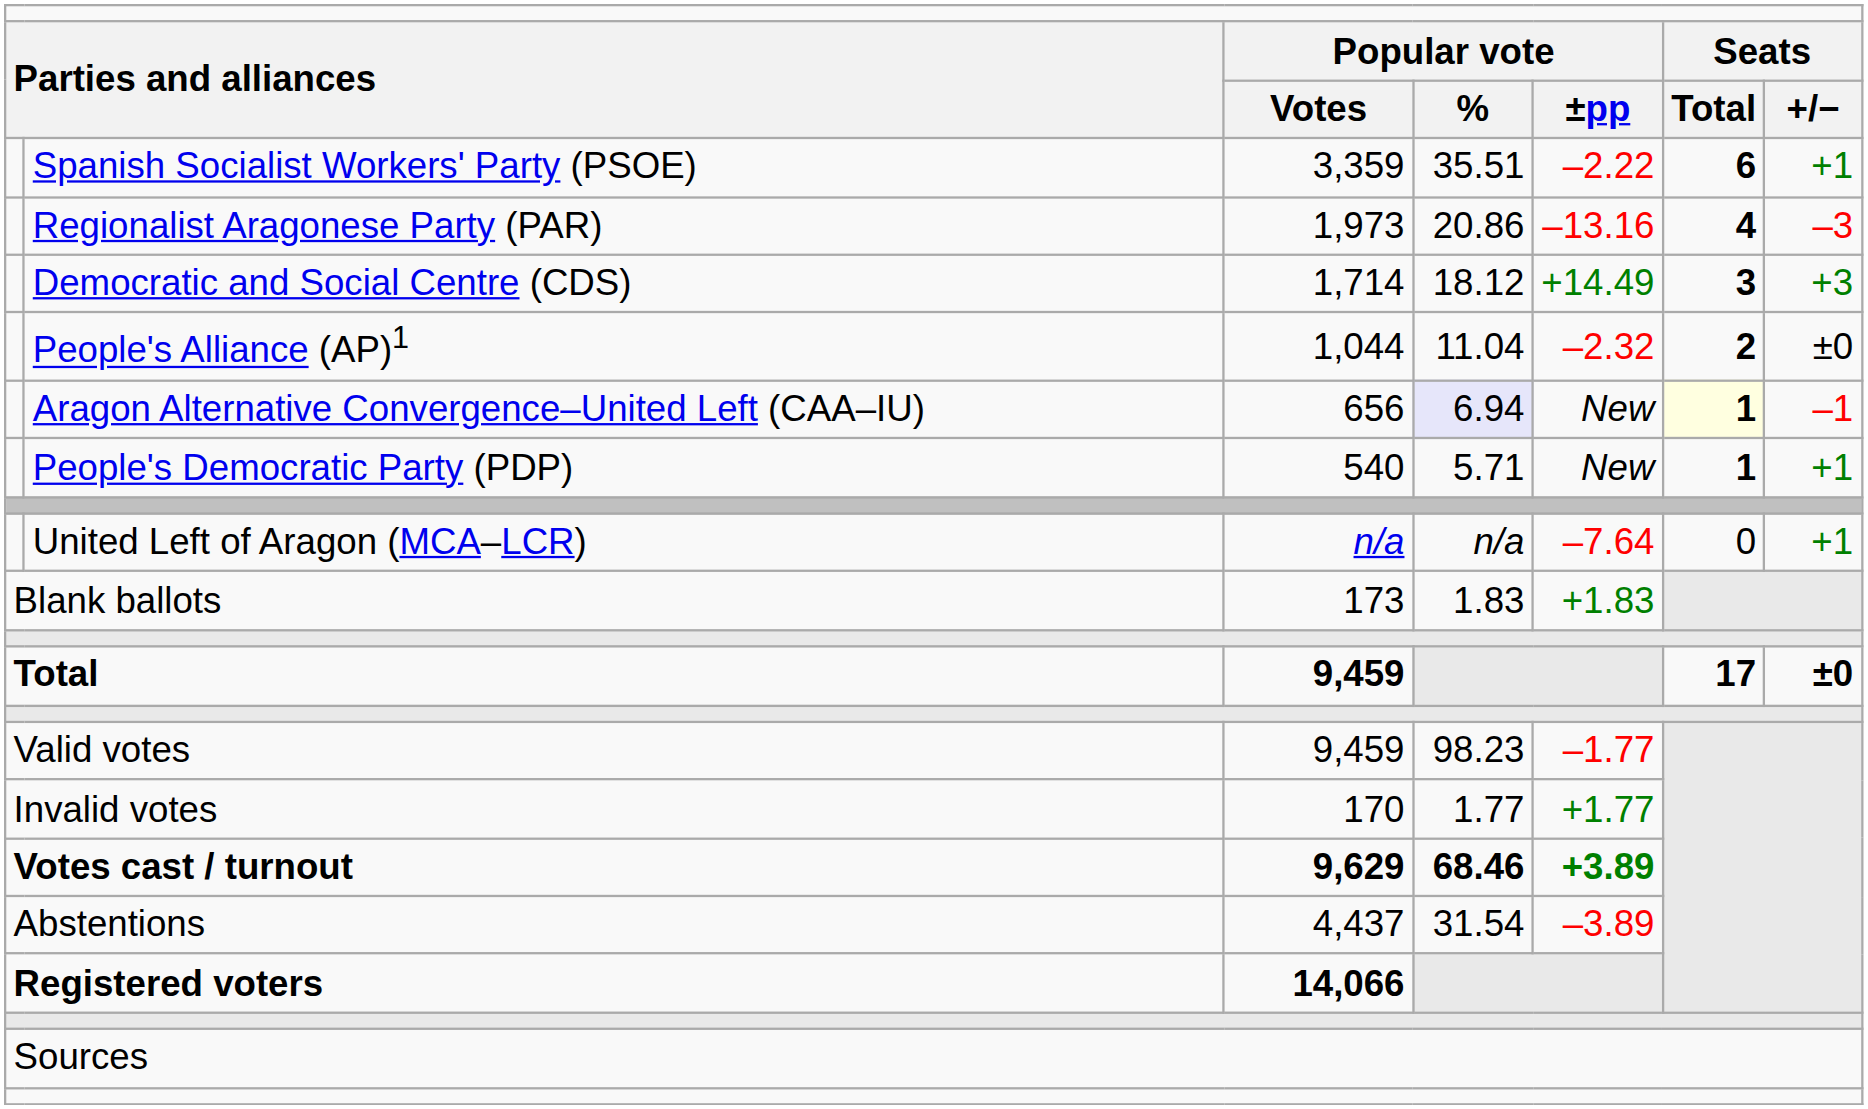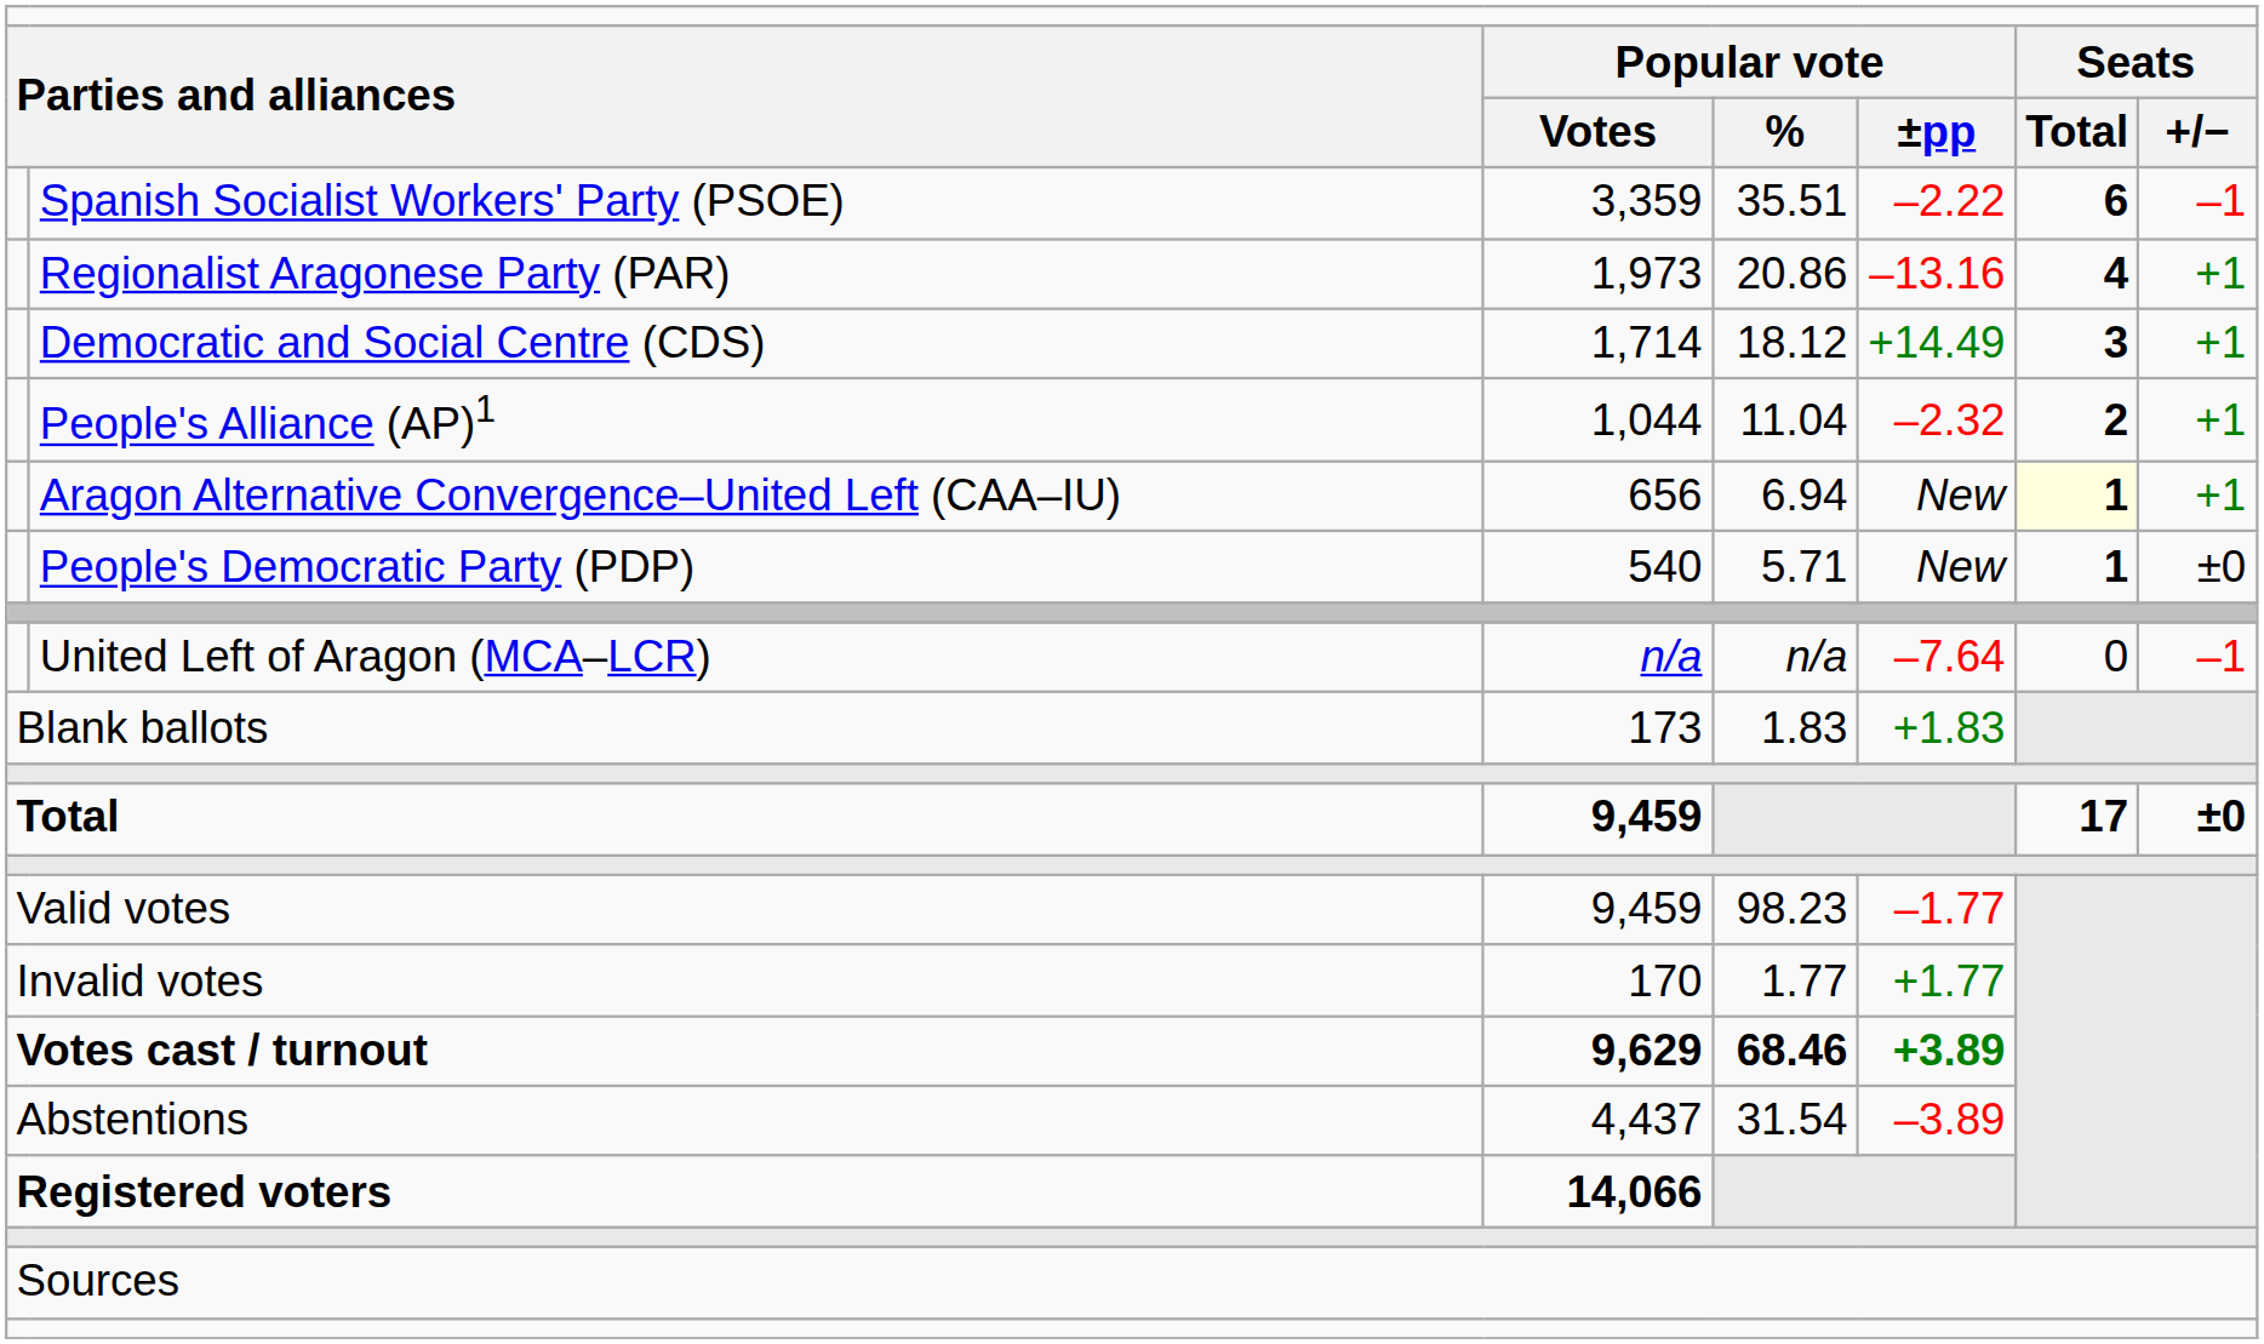 <table class="wikitable" style="text-align:right;">
 <tr>
 <td colspan="7"></td>
 </tr>
 <tr>
 <th style="text-align:left;" rowspan="2" colspan="2" width="525">Parties and alliances</th>
 <th colspan="3">Popular vote</th>
 <th colspan="2">Seats</th>
 </tr>
 <tr>
 <th width="75">Votes</th>
 <th width="45">%</th>
 <th width="45">±<a href='#'>pp</a></th>
 <th width="35">Total</th>
 <th width="35">+/−</th>
 </tr>
 <tr>
 <td width="1" style="color:inherit;background:"></td>
 <td align="left"><a href='#'>Spanish Socialist Workers' Party</a> (PSOE)</td>
 <td>3,359</td>
 <td>35.51</td>
 <td style="color:red;">–2.22</td>
 <td><strong>6</strong></td>
-<td style="color:green;">+1</td>
+<td style="color:red;">–1</td>
 </tr>
 <tr>
 <td style="color:inherit;background:"></td>
 <td align="left"><a href='#'>Regionalist Aragonese Party</a> (PAR)</td>
 <td>1,973</td>
 <td>20.86</td>
 <td style="color:red;">–13.16</td>
 <td><strong>4</strong></td>
-<td style="color:red;">–3</td>
+<td style="color:green;">+1</td>
 </tr>
 <tr>
 <td style="color:inherit;background:"></td>
 <td align="left"><a href='#'>Democratic and Social Centre</a> (CDS)</td>
 <td>1,714</td>
 <td>18.12</td>
 <td style="color:green;">+14.49</td>
 <td><strong>3</strong></td>
-<td style="color:green;">+3</td>
+<td style="color:green;">+1</td>
 </tr>
 <tr>
 <td style="color:inherit;background:"></td>
 <td align="left"><a href='#'>People's Alliance</a> (AP)<sup>1</sup></td>
 <td>1,044</td>
 <td>11.04</td>
 <td style="color:red;">–2.32</td>
 <td><strong>2</strong></td>
-<td>±0</td>
+<td style="color:green;">+1</td>
 </tr>
 <tr>
 <td style="color:inherit;background:"></td>
 <td align="left"><a href='#'>Aragon Alternative Convergence–United Left</a> (CAA–IU)</td>
 <td>656</td>
-<td style="background: lavender;">6.94</td>
+<td>6.94</td>
 <td><em>New</em></td>
 <td style="background: lightyellow;"><strong>1</strong></td>
-<td style="color:red;">–1</td>
+<td style="color:green;">+1</td>
 </tr>
 <tr>
 <td style="color:inherit;background:"></td>
 <td align="left"><a href='#'>People's Democratic Party</a> (PDP)</td>
 <td>540</td>
 <td>5.71</td>
 <td><em>New</em></td>
 <td><strong>1</strong></td>
-<td style="color:green;">+1</td>
+<td>±0</td>
 </tr>
 <tr>
 <td colspan="7" bgcolor="#C0C0C0"></td>
 </tr>
 <tr>
 <td style="color:inherit;background:"></td>
 <td align="left">United Left of Aragon (<a href='#'>MCA</a>–<a href='#'>LCR</a>)</td>
 <td><em><a href='#'>n/a</a></em></td>
 <td><em>n/a</em></td>
 <td style="color:red;">–7.64</td>
 <td>0</td>
-<td style="color:green;">+1</td>
+<td style="color:red;">–1</td>
 </tr>
 <tr>
 <td align="left" colspan="2">Blank ballots</td>
 <td>173</td>
 <td>1.83</td>
 <td style="color:green;">+1.83</td>
 <td bgcolor="#E9E9E9" colspan="2"></td>
 </tr>
 <tr>
 <td colspan="7" bgcolor="#E9E9E9"></td>
 </tr>
 <tr style="font-weight:bold;">
 <td align="left" colspan="2">Total</td>
 <td>9,459</td>
 <td bgcolor="#E9E9E9" colspan="2"></td>
 <td>17</td>
 <td>±0</td>
 </tr>
 <tr>
 <td colspan="7" bgcolor="#E9E9E9"></td>
 </tr>
 <tr>
 <td align="left" colspan="2">Valid votes</td>
 <td>9,459</td>
 <td>98.23</td>
 <td style="color:red;">–1.77</td>
 <td bgcolor="#E9E9E9" colspan="2" rowspan="5"></td>
 </tr>
 <tr>
 <td align="left" colspan="2">Invalid votes</td>
 <td>170</td>
 <td>1.77</td>
 <td style="color:green;">+1.77</td>
 </tr>
 <tr style="font-weight:bold;">
 <td align="left" colspan="2">Votes cast / turnout</td>
 <td>9,629</td>
 <td>68.46</td>
 <td style="color:green;">+3.89</td>
 </tr>
 <tr>
 <td align="left" colspan="2">Abstentions</td>
 <td>4,437</td>
 <td>31.54</td>
 <td style="color:red;">–3.89</td>
 </tr>
 <tr style="font-weight:bold;">
 <td align="left" colspan="2">Registered voters</td>
 <td>14,066</td>
 <td bgcolor="#E9E9E9" colspan="2"></td>
 </tr>
 <tr>
 <td colspan="7" bgcolor="#E9E9E9"></td>
 </tr>
 <tr>
 <td align="left" colspan="7">Sources</td>
 </tr>
 <tr>
 <td colspan="7" style="text-align:left; max-width:790px;"></td>
 </tr>
 </table>
